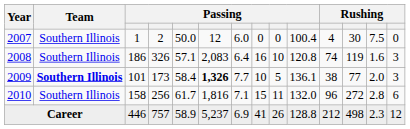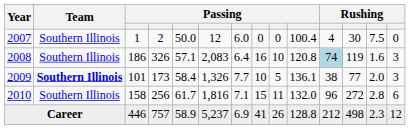 <table class="wikitable sortable" style="text-align:center;">
 <tr>
 <th rowspan=2>Year</th>
 <th rowspan=2>Team</th>
 <th colspan=8>Passing</th>
 <th colspan=4>Rushing</th>
 </tr>
 <tr>
 <th></th>
 <th></th>
 <th></th>
 <th></th>
 <th></th>
 <th></th>
 <th></th>
 <th></th>
 <th></th>
 <th></th>
 <th></th>
 <th></th>
 </tr>
 <tr>
 <td><a href='#'>2007</a></td>
 <td><a href='#'>Southern Illinois</a></td>
 <td>1</td>
 <td>2</td>
 <td>50.0</td>
 <td>12</td>
 <td>6.0</td>
 <td>0</td>
 <td>0</td>
 <td>100.4</td>
 <td>4</td>
 <td>30</td>
 <td>7.5</td>
 <td>0</td>
 </tr>
 <tr>
 <td><a href='#'>2008</a></td>
 <td><a href='#'>Southern Illinois</a></td>
 <td>186</td>
 <td>326</td>
 <td>57.1</td>
 <td>2,083</td>
 <td>6.4</td>
 <td>16</td>
 <td>10</td>
 <td>120.8</td>
-<td>74</td>
+<td style="background: lightblue;">74</td>
 <td>119</td>
 <td>1.6</td>
 <td>3</td>
 </tr>
 <tr>
 <td><a href='#'>2009</a></td>
 <td><strong><a href='#'>Southern Illinois</a></strong></td>
 <td>101</td>
 <td>173</td>
 <td>58.4</td>
-<td><strong>1,326</strong></td>
+<td>1,326</td>
 <td>7.7</td>
 <td>10</td>
 <td>5</td>
 <td>136.1</td>
 <td>38</td>
 <td>77</td>
 <td>2.0</td>
 <td>3</td>
 </tr>
 <tr>
 <td><a href='#'>2010</a></td>
 <td><a href='#'>Southern Illinois</a></td>
 <td>158</td>
 <td>256</td>
 <td>61.7</td>
 <td>1,816</td>
 <td>7.1</td>
 <td>15</td>
 <td>11</td>
 <td>132.0</td>
 <td>96</td>
 <td>272</td>
 <td>2.8</td>
 <td>6</td>
 </tr>
 <tr class="sortbottom" style="background:#eee;">
 <td colspan=2><strong>Career</strong></td>
 <td>446</td>
 <td>757</td>
 <td>58.9</td>
 <td>5,237</td>
 <td>6.9</td>
 <td>41</td>
 <td>26</td>
 <td>128.8</td>
 <td>212</td>
 <td>498</td>
 <td>2.3</td>
 <td>12</td>
 </tr>
 </table>
